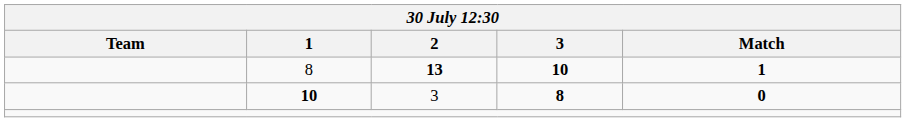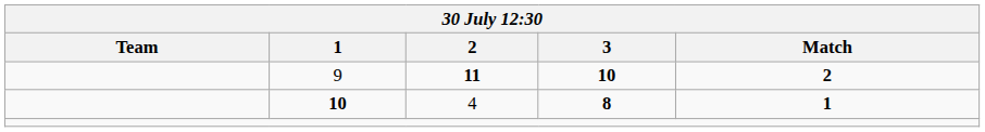 <table class=wikitable style="text-align:center; width: 55%">
 <tr>
 <th colspan=10><em>30 July 12:30</em></th>
 </tr>
 <tr>
 <th>Team</th>
 <th>1</th>
 <th>2</th>
 <th>3</th>
 <th>Match</th>
 </tr>
 <tr>
 <td align=left><strong><br></strong></td>
-<td>8</td>
-<td><strong>13</strong></td>
+<td>9</td>
+<td><strong>11</strong></td>
 <td><strong>10</strong></td>
-<td><strong>1</strong></td>
+<td><strong>2</strong></td>
 </tr>
 <tr>
 <td align=left><br></td>
 <td><strong>10</strong></td>
-<td>3</td>
+<td>4</td>
 <td><strong>8</strong></td>
-<td><strong>0</strong></td>
+<td><strong>1</strong></td>
 </tr>
 <tr>
 <td colspan=10></td>
 </tr>
 </table>
